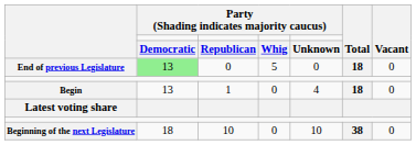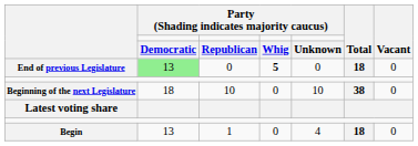 <table class=wikitable style="text-align:center">
 <tr style="vertical-align:bottom;">
 <th rowspan=3></th>
 <th colspan=4>Party <div>(Shading indicates majority caucus)</div></th>
 <th rowspan=3>Total</th>
 <th rowspan=3>Vacant</th>
 </tr>
 <tr style="height:5px">
 <td style="background-color:"></td>
 <td style="background-color:"></td>
 <td style="background-color:"></td>
 <td style="background-color:"></td>
 </tr>
 <tr>
 <th><a href='#'>Democratic</a></th>
 <th><a href='#'>Republican</a></th>
 <th><a href='#'>Whig</a></th>
 <th>Unknown</th>
 </tr>
 <tr>
 <th style="white-space:nowrap; font-size:80%;">End of <a href='#'>previous Legislature</a></th>
 <td style="background: lightgreen;">13</td>
 <td>0</td>
-<td>5</td>
+<td><strong>5</strong></td>
 <td>0</td>
 <th>18</th>
 <td>0</td>
 </tr>
 <tr>
 <td colspan=7></td>
 </tr>
 <tr>
-<th style="font-size:80%">Begin</th>
-<td>13</td>
-<td>1</td>
+<th style="white-space:nowrap; font-size:80%;">Beginning of the <a href='#'>next Legislature</a></th>
+<td>18</td>
+<td>10</td>
 <td>0</td>
-<td>4</td>
-<th>18</th>
+<td>10</td>
+<th>38</th>
 <td>0</td>
 </tr>
 <tr>
 <th>Latest voting share</th>
 <th></th>
 <th></th>
 <th></th>
 <th></th>
 <th colspan=2></th>
 </tr>
 <tr>
 <td colspan=7></td>
 </tr>
 <tr>
-<th style="white-space:nowrap; font-size:80%;">Beginning of the <a href='#'>next Legislature</a></th>
-<td>18</td>
-<td>10</td>
+<th style="font-size:80%">Begin</th>
+<td>13</td>
+<td>1</td>
 <td>0</td>
-<td>10</td>
-<th>38</th>
+<td>4</td>
+<th>18</th>
 <td>0</td>
 </tr>
 </table>
